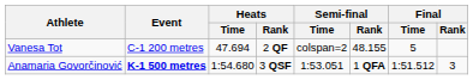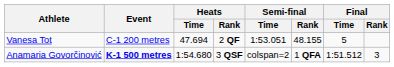 <table class=wikitable style=font-size:90%;text-align:center>
 <tr>
 <th rowspan=2>Athlete</th>
 <th rowspan=2>Event</th>
 <th colspan=2>Heats</th>
 <th colspan=2>Semi-final</th>
 <th colspan=2>Final</th>
 </tr>
 <tr style=font-size:95%>
 <th>Time</th>
 <th>Rank</th>
 <th>Time</th>
 <th>Rank</th>
 <th>Time</th>
 <th>Rank</th>
 </tr>
 <tr>
 <td align=left><a href='#'>Vanesa Tot</a></td>
 <td align=left><a href='#'>C-1 200 metres</a></td>
 <td>47.694</td>
 <td>2 <strong>QF</strong></td>
-<td>colspan=2 </td>
+<td>1:53.051</td>
 <td>48.155</td>
 <td>5</td>
 </tr>
 <tr>
 <td align="left"><a href='#'>Anamaria Govorčinović</a></td>
 <td align="left"><strong><a href='#'>K-1 500 metres</a></strong></td>
 <td>1:54.680</td>
 <td>3 <strong>QSF</strong></td>
-<td>1:53.051</td>
+<td>colspan=2 </td>
 <td>1 <strong>QFA</strong></td>
 <td>1:51.512</td>
 <td>3</td>
 </tr>
 </table>
